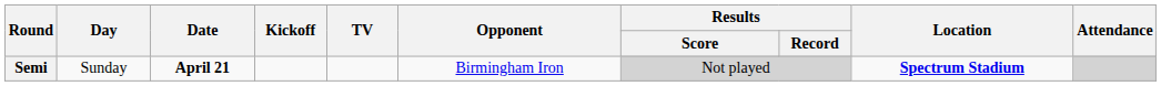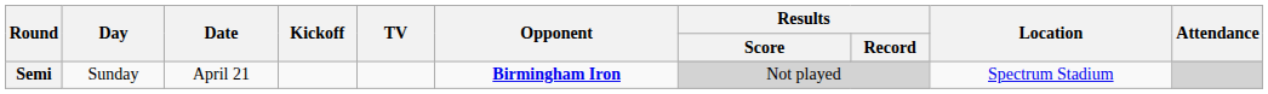 <table class="wikitable" style="text-align:center; font-size:90%">
 <tr>
 <th rowspan="2" width="40">Round</th>
 <th rowspan="2" width="80">Day</th>
 <th rowspan="2" width="90">Date</th>
 <th rowspan="2" width="60">Kickoff</th>
 <th rowspan="2" width="60">TV</th>
 <th rowspan="2" width="200">Opponent</th>
 <th colspan="2" width="200">Results</th>
 <th rowspan="2" width="200">Location</th>
 <th rowspan="2" width="50">Attendance</th>
 </tr>
 <tr>
 <th width="140">Score</th>
 <th width="60">Record</th>
 </tr>
 <tr bgcolor=>
 <th>Semi</th>
 <td>Sunday</td>
-<td><strong>April 21</strong></td>
+<td>April 21</td>
 <td></td>
 <td></td>
-<td><a href='#'>Birmingham Iron</a></td>
+<td><strong><a href='#'>Birmingham Iron</a></strong></td>
 <td colspan=2 bgcolor=lightgrey>Not played</td>
-<td><strong><a href='#'>Spectrum Stadium</a></strong></td>
+<td><a href='#'>Spectrum Stadium</a></td>
 <td bgcolor=lightgrey> </td>
 </tr>
 </table>
